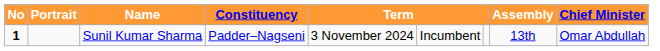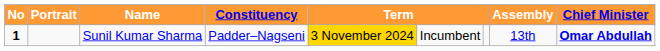 <table class="wikitable">
 <tr>
 <th style="background-color:#FF9933; color:white">No</th>
 <th style="background-color:#FF9933; color:white">Portrait</th>
 <th style="background-color:#FF9933; color:white">Name</th>
 <th style="background-color:#FF9933; color:white"><a href='#'>Constituency</a></th>
 <th colspan="3" style="background-color:#FF9933; color:white">Term</th>
 <th style="background-color:#FF9933; color:white">Assembly</th>
 <th style="background-color:#FF9933; color:white"><a href='#'>Chief Minister</a></th>
 </tr>
 <tr style="text-align:center;">
 <td><strong>1</strong></td>
 <td></td>
 <td><a href='#'>Sunil Kumar Sharma</a></td>
 <td><a href='#'>Padder–Nagseni</a></td>
-<td>3 November 2024</td>
+<td style="background: gold;">3 November 2024</td>
 <td>Incumbent</td>
 <td></td>
 <td><a href='#'>13th</a></td>
-<td><a href='#'>Omar Abdullah</a></td>
+<td><strong><a href='#'>Omar Abdullah</a></strong></td>
 </tr>
 </table>
